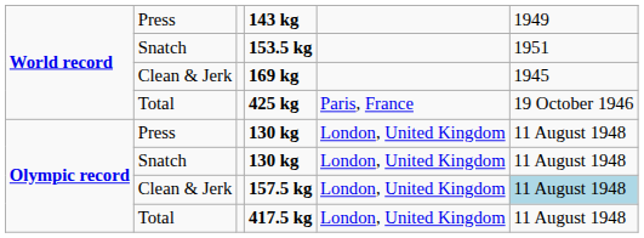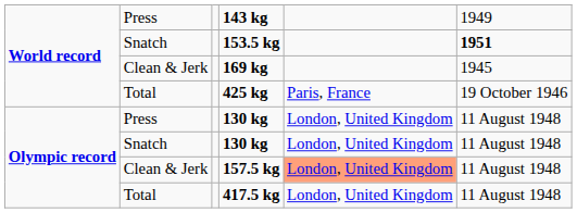 <table class="wikitable">
 <tr>
 <td rowspan=4><strong><a href='#'>World record</a></strong></td>
 <td>Press</td>
 <td></td>
 <td><strong>143 kg</strong></td>
 <td></td>
 <td>1949</td>
 </tr>
 <tr>
 <td>Snatch</td>
 <td></td>
 <td><strong>153.5 kg</strong></td>
 <td></td>
-<td>1951</td>
+<td><strong>1951</strong></td>
 </tr>
 <tr>
 <td>Clean & Jerk</td>
 <td></td>
 <td><strong>169 kg</strong></td>
 <td></td>
 <td>1945</td>
 </tr>
 <tr>
 <td>Total</td>
 <td></td>
 <td><strong>425 kg</strong></td>
 <td><a href='#'>Paris</a>, <a href='#'>France</a></td>
 <td>19 October 1946</td>
 </tr>
 <tr>
 <td rowspan=4><strong><a href='#'>Olympic record</a></strong></td>
 <td>Press</td>
 <td></td>
 <td><strong>130 kg</strong></td>
 <td><a href='#'>London</a>, <a href='#'>United Kingdom</a></td>
 <td>11 August 1948</td>
 </tr>
 <tr>
 <td>Snatch</td>
 <td></td>
 <td><strong>130 kg</strong></td>
 <td><a href='#'>London</a>, <a href='#'>United Kingdom</a></td>
 <td>11 August 1948</td>
 </tr>
 <tr>
 <td>Clean & Jerk</td>
 <td></td>
 <td><strong>157.5 kg</strong></td>
-<td><a href='#'>London</a>, <a href='#'>United Kingdom</a></td>
-<td style="background: lightblue;">11 August 1948</td>
+<td style="background: lightsalmon;"><a href='#'>London</a>, <a href='#'>United Kingdom</a></td>
+<td>11 August 1948</td>
 </tr>
 <tr>
 <td>Total</td>
 <td></td>
 <td><strong>417.5 kg</strong></td>
 <td><a href='#'>London</a>, <a href='#'>United Kingdom</a></td>
 <td>11 August 1948</td>
 </tr>
 </table>
